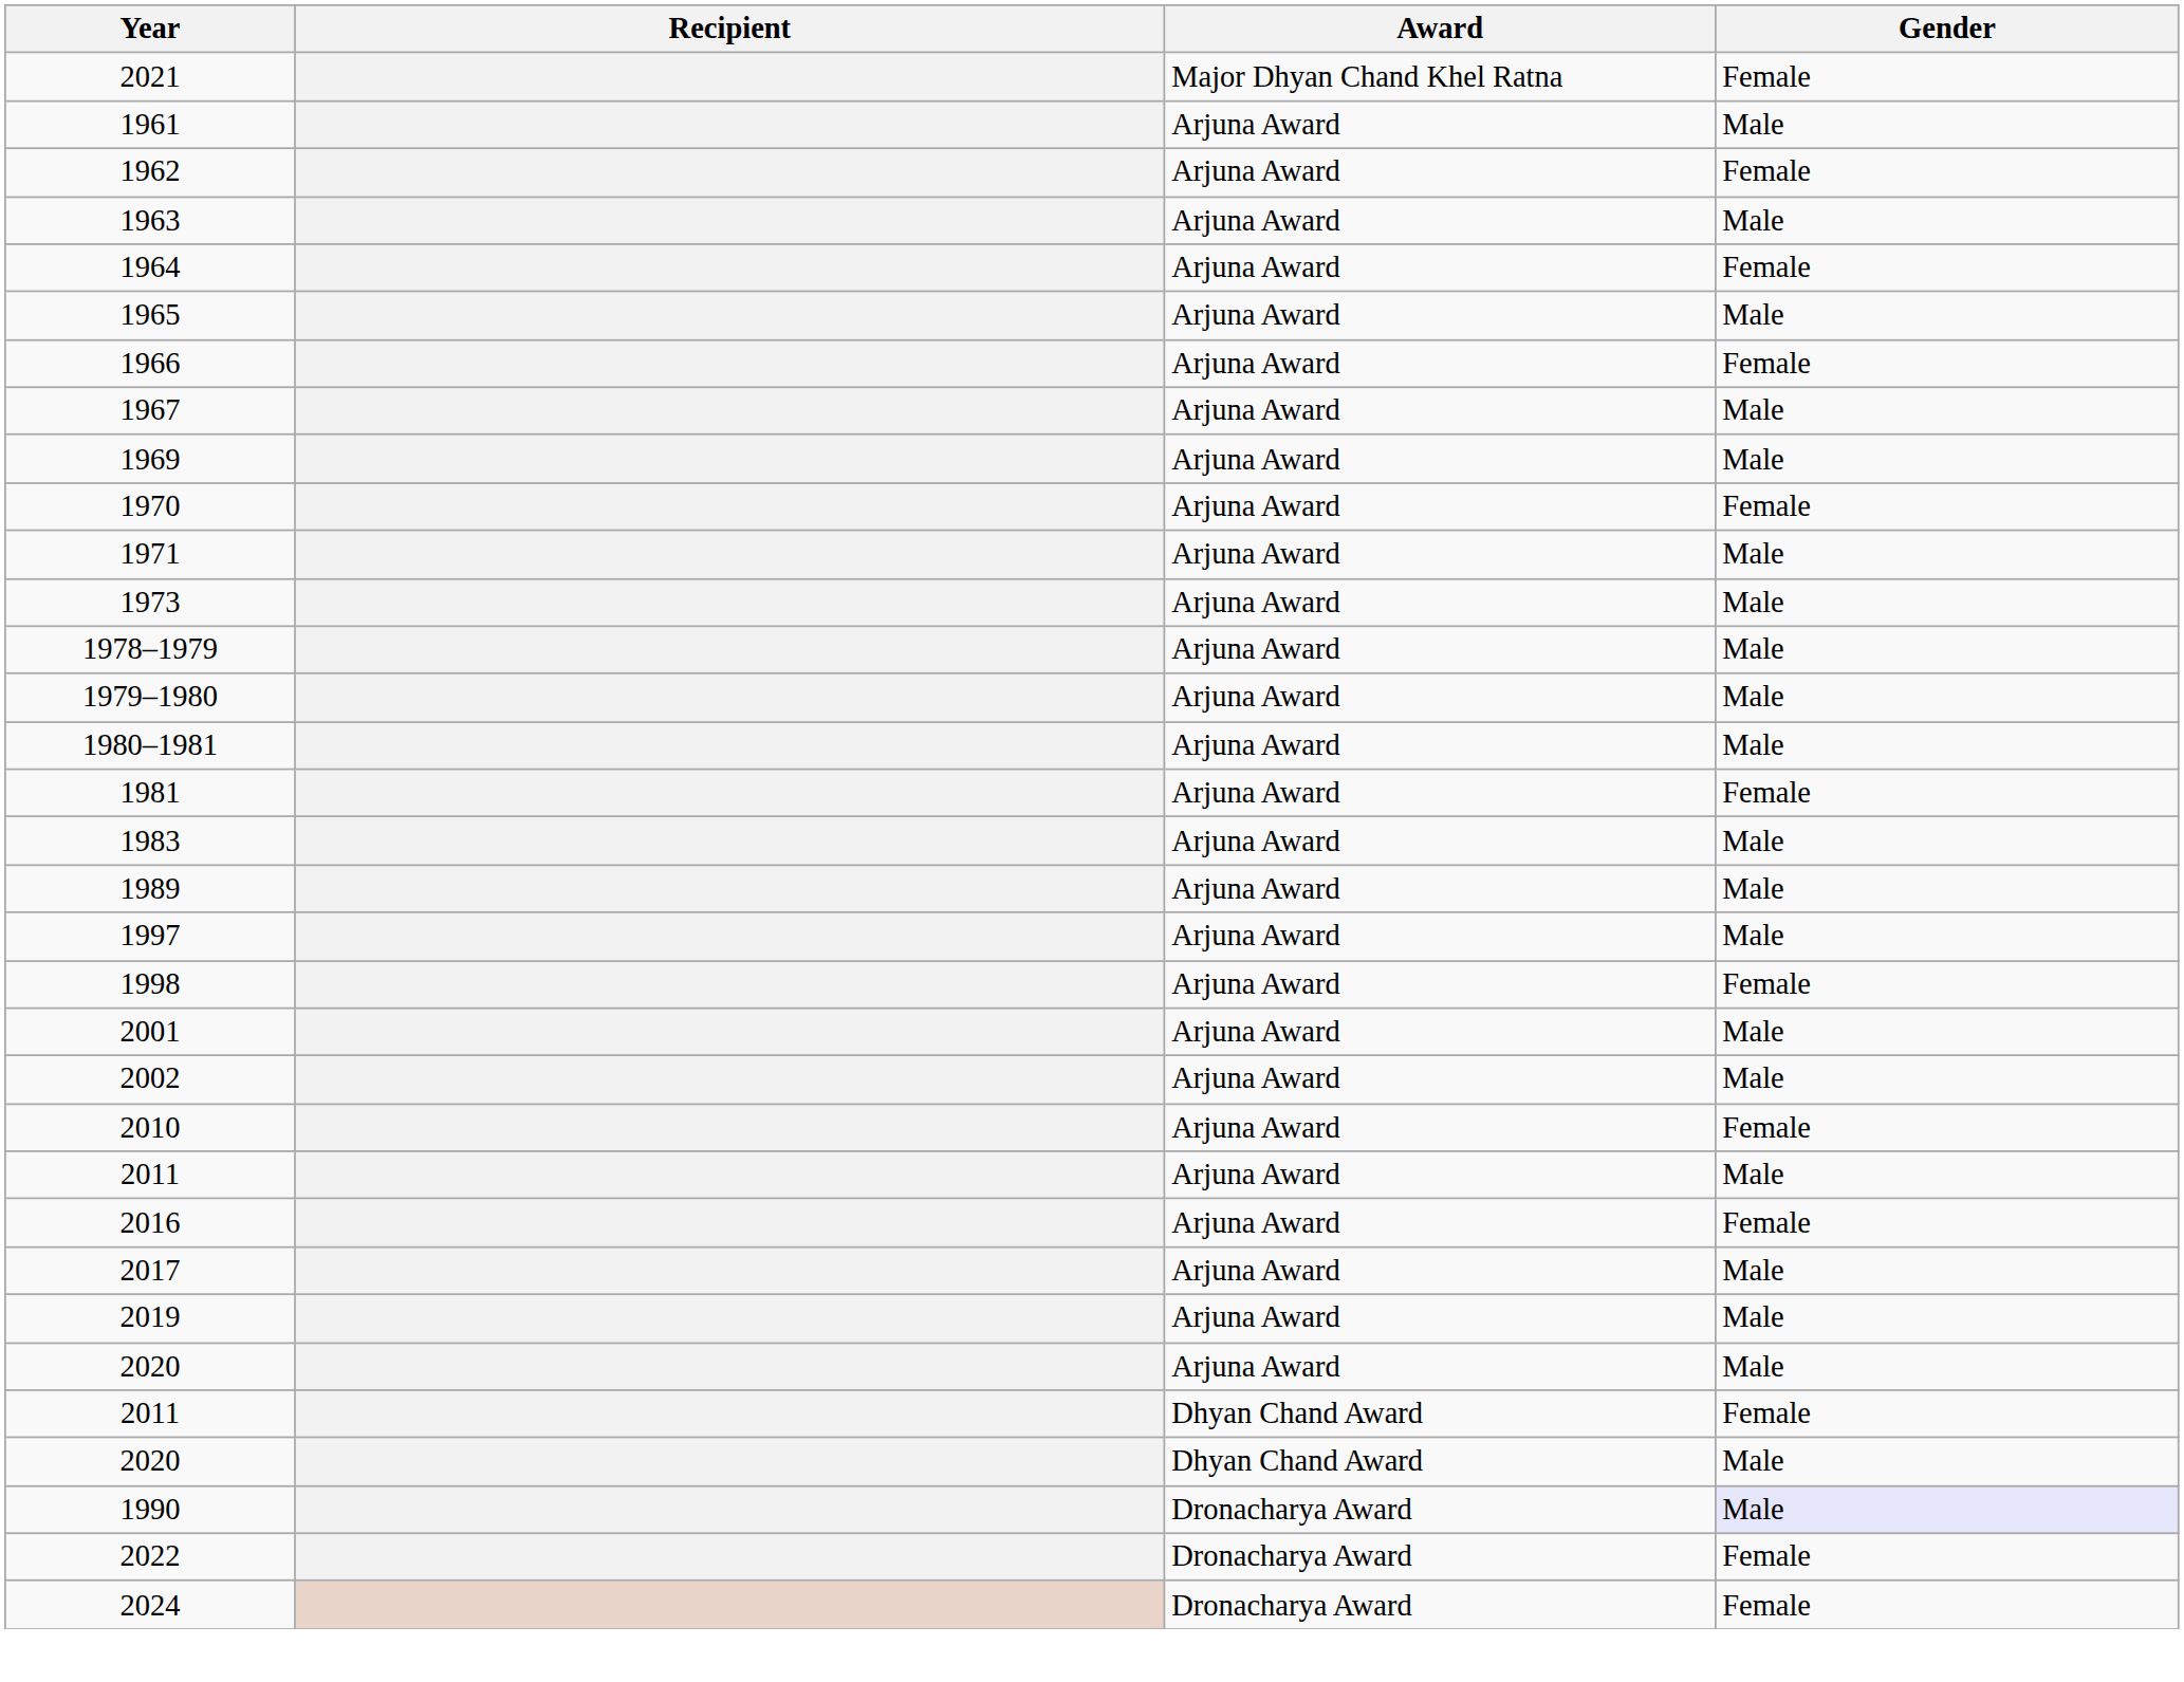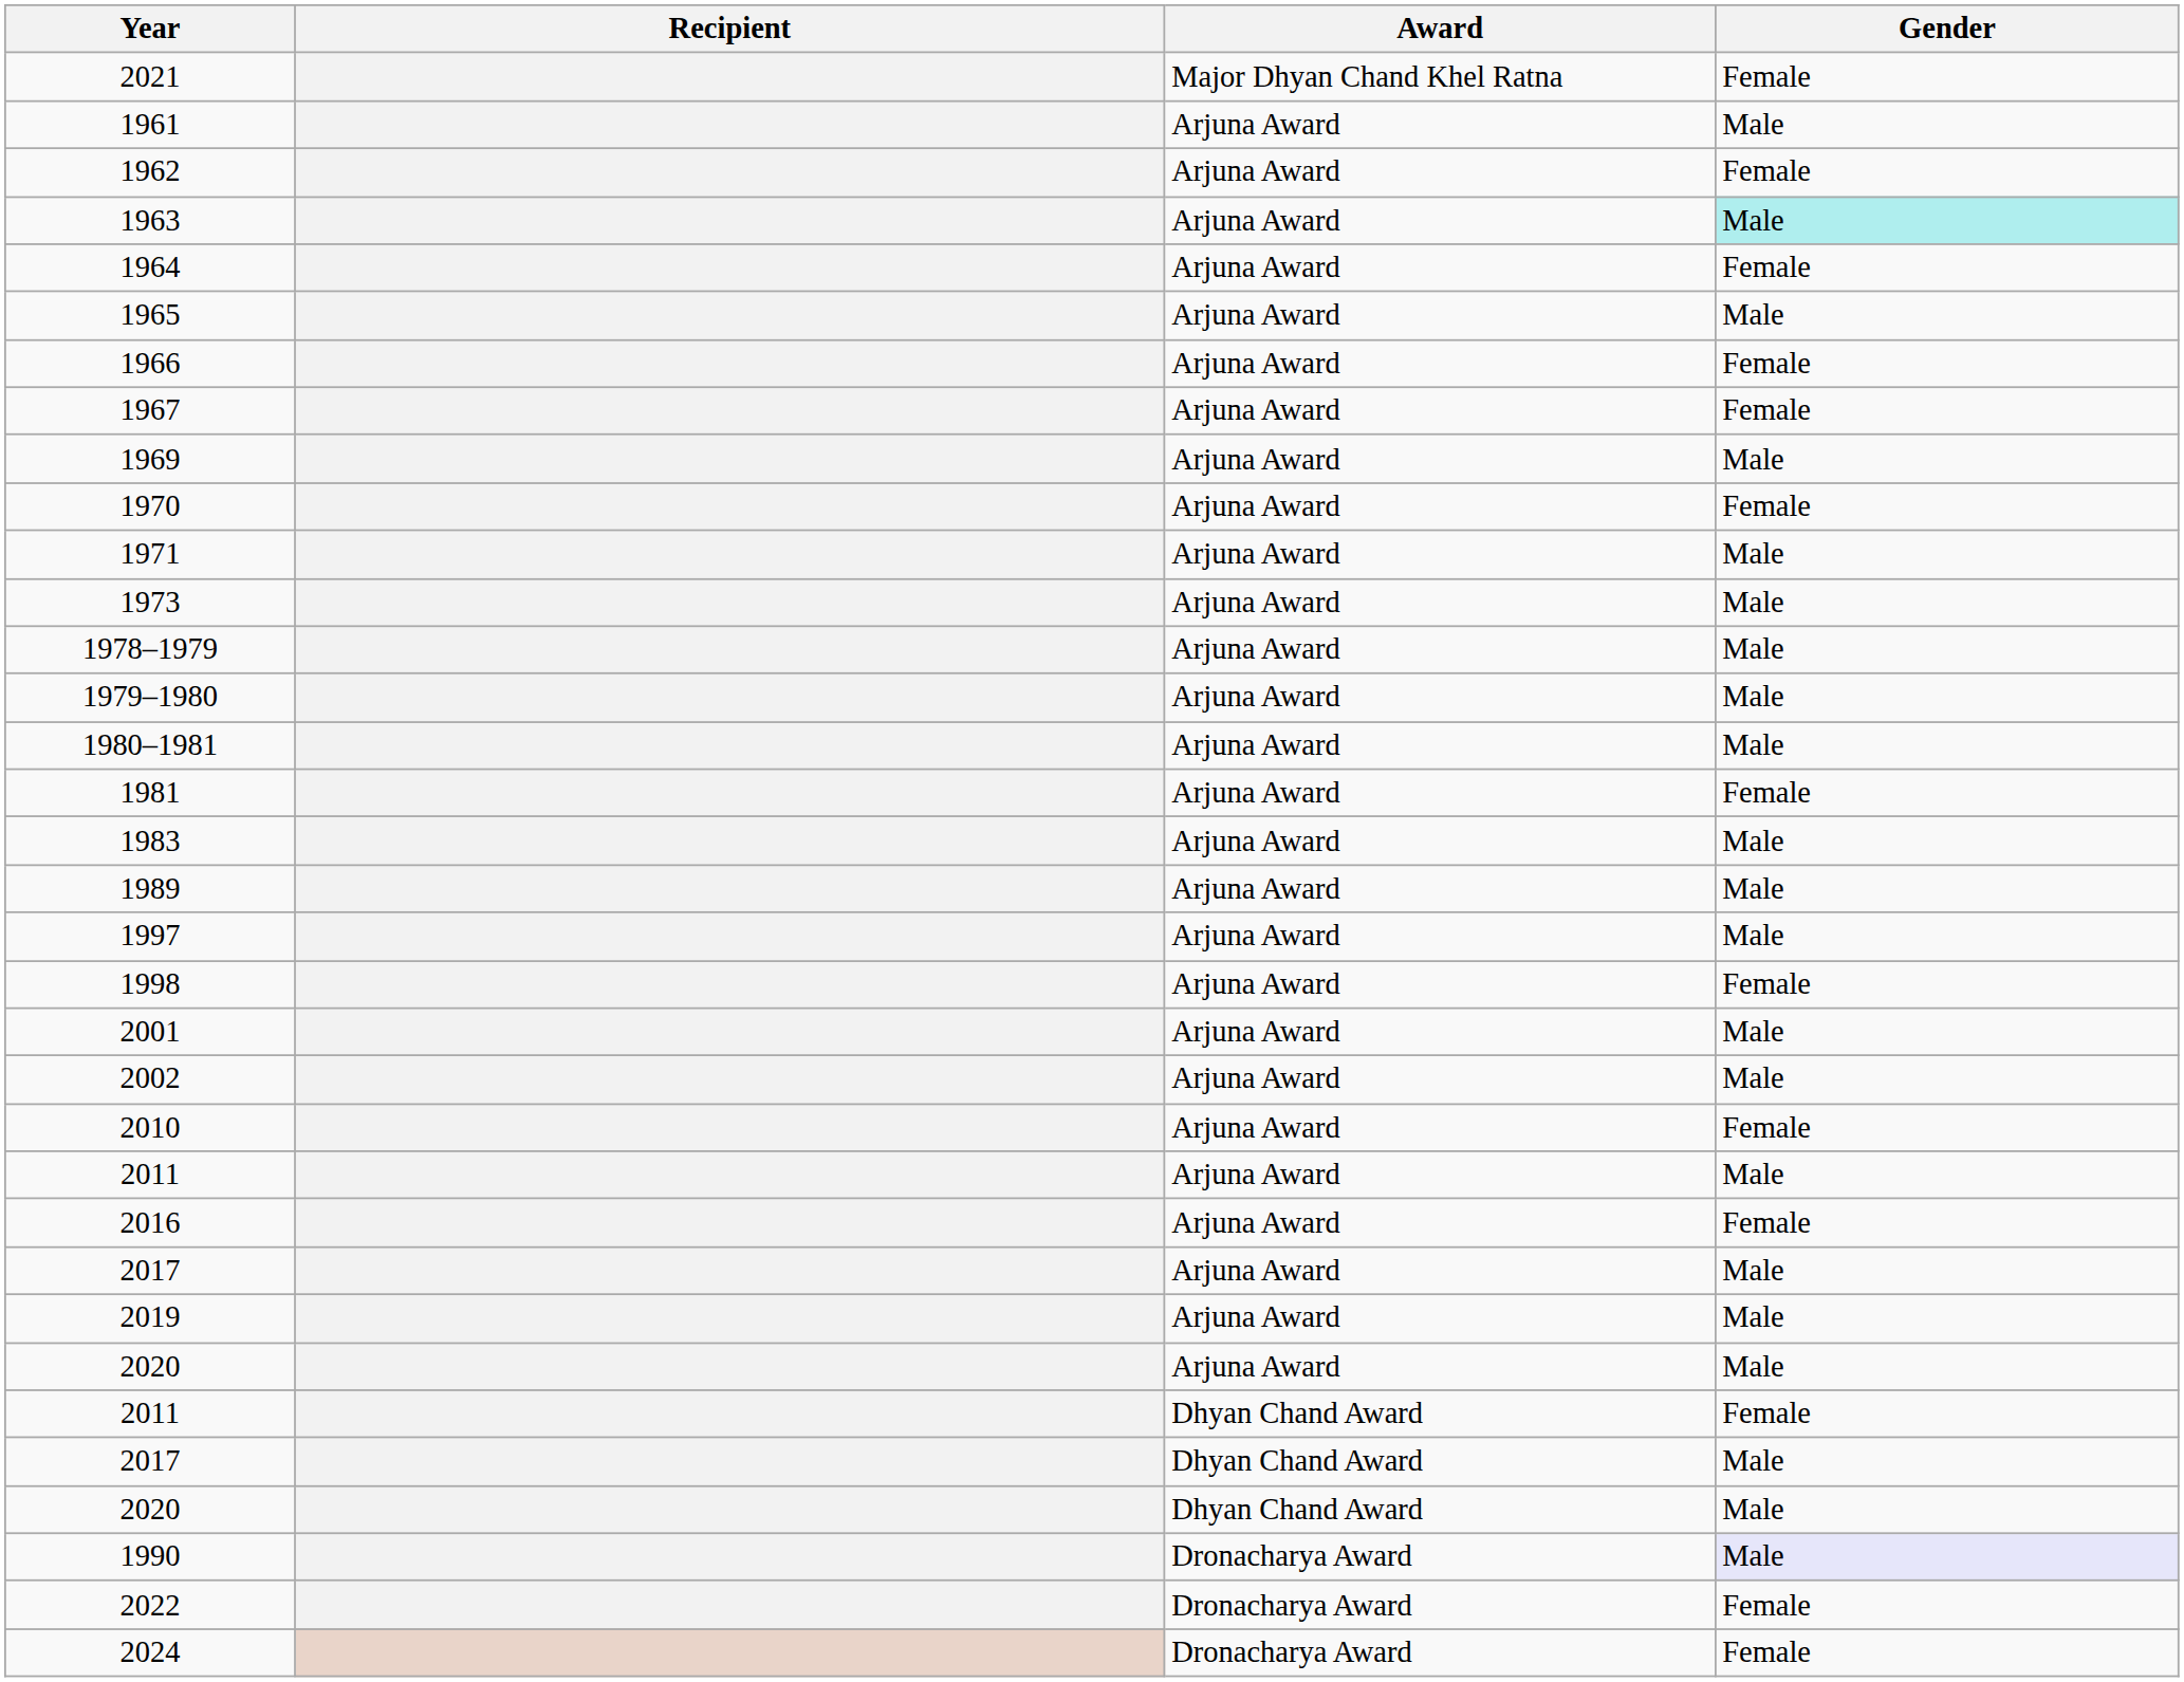 <table class="wikitable plainrowheaders sortable" style="width:73%">
 <tr>
 <th scope="col" style="width:10%">Year</th>
 <th scope="col" style="width:30%">Recipient</th>
 <th scope="col" style="width:19%">Award</th>
 <th scope="col" style="width:16%">Gender</th>
 </tr>
 <tr>
 <td style="text-align:center;">2021</td>
 <th scope="row"></th>
 <td>Major Dhyan Chand Khel Ratna</td>
 <td>Female</td>
 </tr>
 <tr>
 <td style="text-align:center;">1961</td>
 <th scope="row"></th>
 <td>Arjuna Award</td>
 <td>Male</td>
 </tr>
 <tr>
 <td style="text-align:center;">1962</td>
 <th scope="row"></th>
 <td>Arjuna Award</td>
 <td>Female</td>
 </tr>
 <tr>
 <td style="text-align:center;">1963</td>
 <th scope="row"></th>
 <td>Arjuna Award</td>
-<td>Male</td>
+<td style="background: paleturquoise;">Male</td>
 </tr>
 <tr>
 <td style="text-align:center;">1964</td>
 <th scope="row"></th>
 <td>Arjuna Award</td>
 <td>Female</td>
 </tr>
 <tr>
 <td style="text-align:center;">1965</td>
 <th scope="row"></th>
 <td>Arjuna Award</td>
 <td>Male</td>
 </tr>
 <tr>
 <td style="text-align:center;">1966</td>
 <th scope="row"></th>
 <td>Arjuna Award</td>
 <td>Female</td>
 </tr>
 <tr>
 <td style="text-align:center;">1967</td>
 <th scope="row"></th>
 <td>Arjuna Award</td>
-<td>Male</td>
+<td>Female</td>
 </tr>
 <tr>
 <td style="text-align:center;">1969</td>
 <th scope="row"></th>
 <td>Arjuna Award</td>
 <td>Male</td>
 </tr>
 <tr>
 <td style="text-align:center;">1970</td>
 <th scope="row"></th>
 <td>Arjuna Award</td>
 <td>Female</td>
 </tr>
 <tr>
 <td style="text-align:center;">1971</td>
 <th scope="row"></th>
 <td>Arjuna Award</td>
 <td>Male</td>
 </tr>
 <tr>
 <td style="text-align:center;">1973</td>
 <th scope="row"></th>
 <td>Arjuna Award</td>
 <td>Male</td>
 </tr>
 <tr>
 <td style="text-align:center;">1978–1979</td>
 <th scope="row"></th>
 <td>Arjuna Award</td>
 <td>Male</td>
 </tr>
 <tr>
 <td style="text-align:center;">1979–1980</td>
 <th scope="row"></th>
 <td>Arjuna Award</td>
 <td>Male</td>
 </tr>
 <tr>
 <td style="text-align:center;">1980–1981</td>
 <th scope="row"></th>
 <td>Arjuna Award</td>
 <td>Male</td>
 </tr>
 <tr>
 <td style="text-align:center;">1981</td>
 <th scope="row"></th>
 <td>Arjuna Award</td>
 <td>Female</td>
 </tr>
 <tr>
 <td style="text-align:center;">1983</td>
 <th scope="row"></th>
 <td>Arjuna Award</td>
 <td>Male</td>
 </tr>
 <tr>
 <td style="text-align:center;">1989</td>
 <th scope="row"></th>
 <td>Arjuna Award</td>
 <td>Male</td>
 </tr>
 <tr>
 <td style="text-align:center;">1997</td>
 <th scope="row"></th>
 <td>Arjuna Award</td>
 <td>Male</td>
 </tr>
 <tr>
 <td style="text-align:center;">1998</td>
 <th scope="row"></th>
 <td>Arjuna Award</td>
 <td>Female</td>
 </tr>
 <tr>
 <td style="text-align:center;">2001</td>
 <th scope="row"></th>
 <td>Arjuna Award</td>
 <td>Male</td>
 </tr>
 <tr>
 <td style="text-align:center;">2002</td>
 <th scope="row"></th>
 <td>Arjuna Award</td>
 <td>Male</td>
 </tr>
 <tr>
 <td style="text-align:center;">2010</td>
 <th scope="row"></th>
 <td>Arjuna Award</td>
 <td>Female</td>
 </tr>
 <tr>
 <td style="text-align:center;">2011</td>
 <th scope="row"></th>
 <td>Arjuna Award</td>
 <td>Male</td>
 </tr>
 <tr>
 <td style="text-align:center;">2016</td>
 <th scope="row"></th>
 <td>Arjuna Award</td>
 <td>Female</td>
 </tr>
 <tr>
 <td style="text-align:center;">2017</td>
 <th scope="row"></th>
 <td>Arjuna Award</td>
 <td>Male</td>
 </tr>
 <tr>
 <td style="text-align:center;">2019</td>
 <th scope="row"></th>
 <td>Arjuna Award</td>
 <td>Male</td>
 </tr>
 <tr>
 <td style="text-align:center;">2020</td>
 <th scope="row"></th>
 <td>Arjuna Award</td>
 <td>Male</td>
 </tr>
 <tr>
 <td style="text-align:center;">2011</td>
 <th scope="row"></th>
 <td>Dhyan Chand Award</td>
 <td>Female</td>
 </tr>
 <tr>
+<td style="text-align:center;">2017</td>
+<th scope="row"></th>
+<td>Dhyan Chand Award</td>
+<td>Male</td>
+</tr>
+<tr>
 <td style="text-align:center;">2020</td>
 <th scope="row"></th>
 <td>Dhyan Chand Award</td>
 <td>Male</td>
 </tr>
 <tr>
 <td style="text-align:center;">1990</td>
 <th scope="row"></th>
 <td>Dronacharya Award</td>
 <td style="background: lavender;">Male</td>
 </tr>
 <tr>
 <td style="text-align:center;">2022</td>
 <th scope="row"></th>
 <td>Dronacharya Award</td>
 <td>Female</td>
 </tr>
 <tr>
 <td style="text-align:center;">2024</td>
 <th scope="row" style="background-color:#E9D4C9"> </th>
 <td>Dronacharya Award</td>
 <td>Female</td>
 </tr>
 </table>
